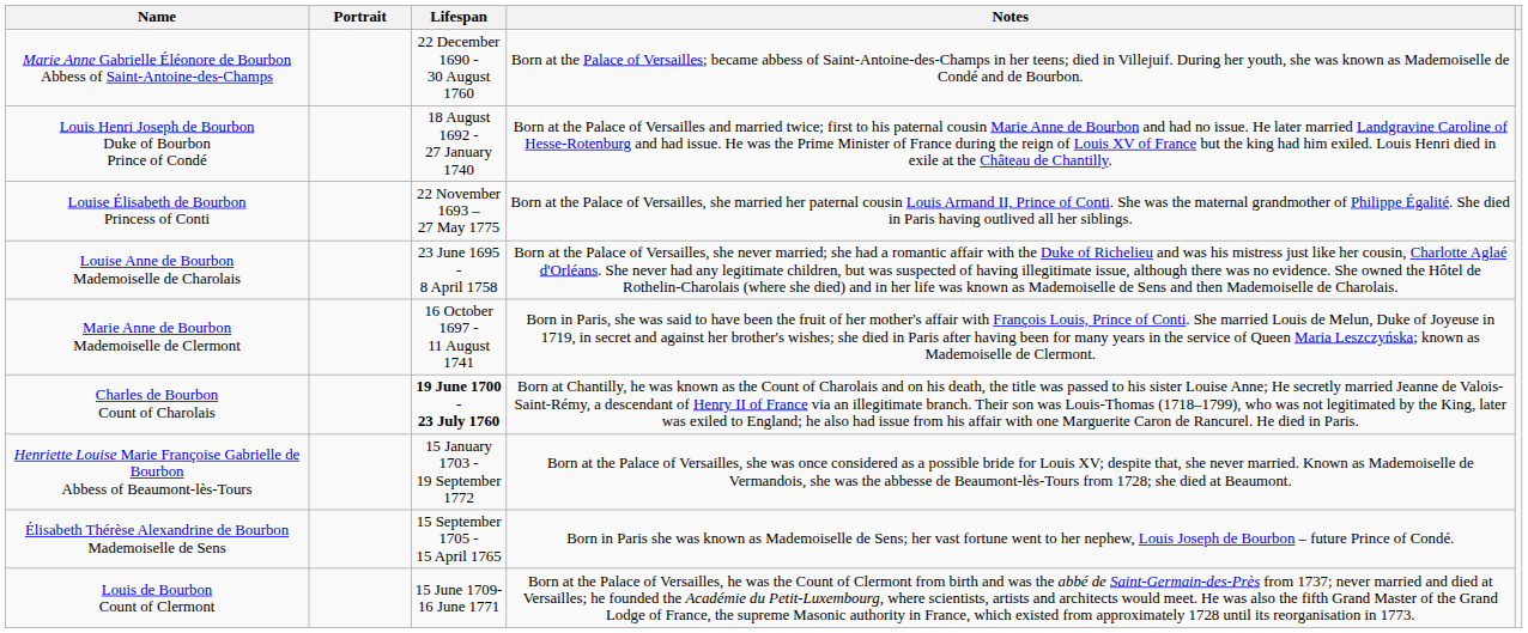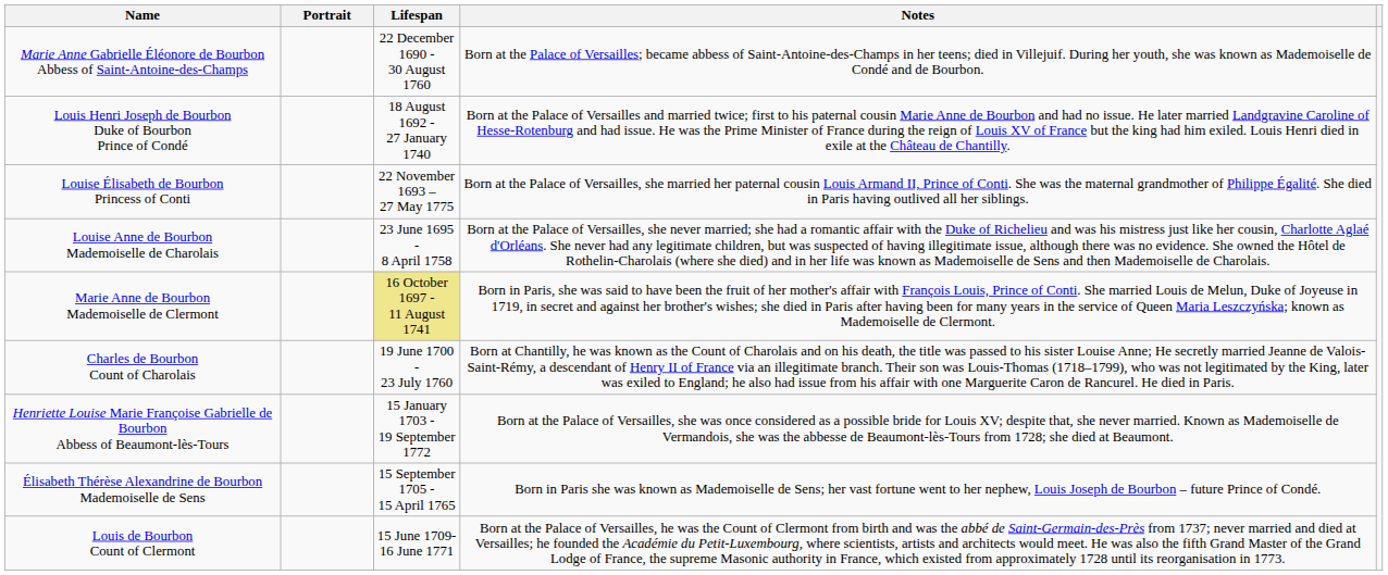 <table style="text-align:center; width:100%" class="wikitable">
 <tr>
 <th width=20%>Name</th>
 <th width=100px>Portrait</th>
 <th>Lifespan</th>
 <th>Notes</th>
 <th></th>
 </tr>
 <tr>
 <td><a href='#'><em>Marie Anne</em> Gabrielle Éléonore de Bourbon</a><br>Abbess of <a href='#'>Saint-Antoine-des-Champs</a></td>
 <td></td>
 <td>22 December 1690 -<br> 30 August 1760</td>
 <td>Born at the <a href='#'>Palace of Versailles</a>; became abbess of Saint-Antoine-des-Champs in her teens; died in Villejuif. During her youth, she was known as Mademoiselle de Condé and de Bourbon.</td>
 </tr>
 <tr>
 <td><a href='#'>Louis Henri Joseph de Bourbon</a><br>Duke of Bourbon<br>Prince of Condé</td>
 <td></td>
 <td>18 August 1692 -<br>27 January 1740</td>
 <td>Born at the Palace of Versailles and married twice; first to his paternal cousin <a href='#'>Marie Anne de Bourbon</a> and had no issue. He later married <a href='#'>Landgravine Caroline of Hesse-Rotenburg</a> and had issue. He was the Prime Minister of France during the reign of <a href='#'>Louis XV of France</a> but the king had him exiled. Louis Henri died in exile at the <a href='#'>Château de Chantilly</a>.</td>
 </tr>
 <tr>
 <td><a href='#'>Louise Élisabeth de Bourbon</a><br>Princess of Conti</td>
 <td></td>
 <td>22 November 1693 –<br> 27 May 1775</td>
 <td>Born at the Palace of Versailles, she married her paternal cousin <a href='#'>Louis Armand II, Prince of Conti</a>. She was the maternal grandmother of <a href='#'>Philippe Égalité</a>. She died in Paris having outlived all her siblings.</td>
 </tr>
 <tr>
 <td><a href='#'>Louise Anne de Bourbon</a><br>Mademoiselle de Charolais</td>
 <td></td>
 <td>23 June 1695 -<br> 8 April 1758</td>
 <td>Born at the Palace of Versailles, she never married; she had a romantic affair with the <a href='#'>Duke of Richelieu</a> and was his mistress just like her cousin, <a href='#'>Charlotte Aglaé d'Orléans</a>. She never had any legitimate children, but was suspected of having illegitimate issue, although there was no evidence. She owned the Hôtel de Rothelin-Charolais (where she died) and in her life was known as Mademoiselle de Sens and then Mademoiselle de Charolais.</td>
 </tr>
 <tr>
 <td><a href='#'>Marie Anne de Bourbon</a><br>Mademoiselle de Clermont</td>
 <td></td>
-<td>16 October 1697 -<br> 11 August 1741</td>
+<td style="background: khaki;">16 October 1697 -<br> 11 August 1741</td>
 <td>Born in Paris, she was said to have been the fruit of her mother's affair with <a href='#'>François Louis, Prince of Conti</a>. She married Louis de Melun, Duke of Joyeuse in 1719, in secret and against her brother's wishes; she died in Paris after having been for many years in the service of Queen <a href='#'>Maria Leszczyńska</a>; known as Mademoiselle de Clermont.</td>
 </tr>
 <tr>
 <td><a href='#'>Charles de Bourbon</a><br>Count of Charolais</td>
 <td></td>
-<td><strong>19 June 1700 -<br> 23 July 1760</strong></td>
+<td>19 June 1700 -<br> 23 July 1760</td>
 <td>Born at Chantilly, he was known as the Count of Charolais and on his death, the title was passed to his sister Louise Anne; He secretly married Jeanne de Valois-Saint-Rémy, a descendant of <a href='#'>Henry II of France</a> via an illegitimate branch. Their son was Louis-Thomas (1718–1799), who was not legitimated by the King, later was exiled to England; he also had issue from his affair with one Marguerite Caron de Rancurel. He died in Paris.</td>
 </tr>
 <tr>
 <td><a href='#'><em>Henriette Louise</em> Marie Françoise Gabrielle de Bourbon</a><br>Abbess of Beaumont-lès-Tours</td>
 <td></td>
 <td>15 January 1703 -<br> 19 September 1772</td>
 <td>Born at the Palace of Versailles, she was once considered as a possible bride for Louis XV; despite that, she never married. Known as Mademoiselle de Vermandois, she was the abbesse de Beaumont-lès-Tours from 1728; she died at Beaumont.</td>
 </tr>
 <tr>
 <td><a href='#'>Élisabeth Thérèse Alexandrine de Bourbon</a><br>Mademoiselle de Sens</td>
 <td></td>
 <td>15 September 1705 -<br> 15 April 1765</td>
 <td>Born in Paris she was known as Mademoiselle de Sens; her vast fortune went to her nephew, <a href='#'>Louis Joseph de Bourbon</a> – future Prince of Condé.</td>
 </tr>
 <tr>
 <td><a href='#'>Louis de Bourbon</a><br>Count of Clermont</td>
 <td></td>
 <td>15 June 1709-<br>16 June 1771</td>
 <td>Born at the Palace of Versailles, he was the Count of Clermont from birth and was the <em>abbé de <a href='#'>Saint-Germain-des-Près</a></em> from 1737; never married and died at Versailles; he founded the <em>Académie du Petit-Luxembourg</em>, where scientists, artists and architects would meet. He was also the fifth Grand Master of the Grand Lodge of France, the supreme Masonic authority in France, which existed from approximately 1728 until its reorganisation in 1773.</td>
 </tr>
 </table>
